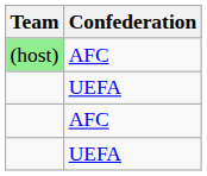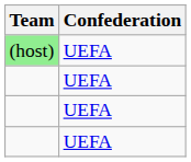 <table class="wikitable sortable" style="text-align: left;">
 <tr>
 <th>Team</th>
 <th>Confederation</th>
 </tr>
 <tr>
 <td style="background: lightgreen;"> (host)</td>
-<td><a href='#'>AFC</a></td>
+<td><a href='#'>UEFA</a></td>
 </tr>
 <tr>
 <td></td>
 <td><a href='#'>UEFA</a></td>
 </tr>
 <tr>
 <td></td>
-<td><a href='#'>AFC</a></td>
+<td><a href='#'>UEFA</a></td>
 </tr>
 <tr>
 <td></td>
 <td><a href='#'>UEFA</a></td>
 </tr>
 </table>
